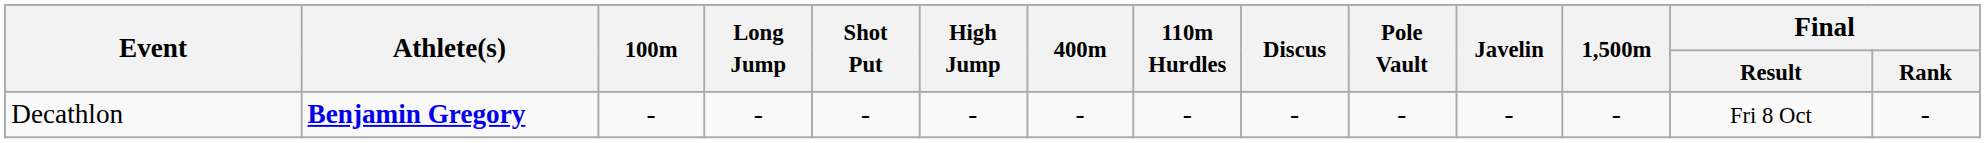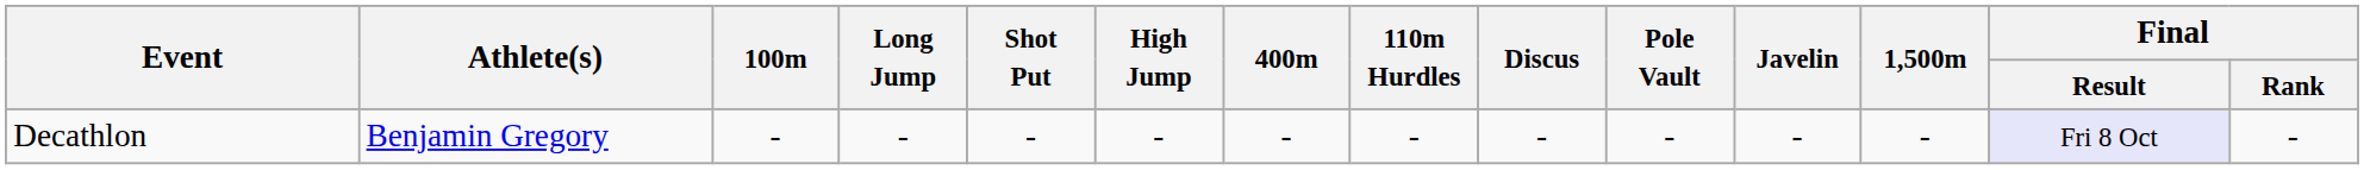 <table class=wikitable style="font-size:90%">
 <tr>
 <th rowspan="2" width=150>Event</th>
 <th rowspan="2" width=150>Athlete(s)</th>
 <th rowspan="2" width=50><small>100m</small></th>
 <th rowspan="2" width=50><small>Long<br>Jump</small></th>
 <th rowspan="2" width=50><small>Shot<br>Put</small></th>
 <th rowspan="2" width=50><small>High<br>Jump</small></th>
 <th rowspan="2" width=50><small>400m</small></th>
 <th rowspan="2" width=50><small>110m<br>Hurdles</small></th>
 <th rowspan="2" width=50><small>Discus</small></th>
 <th rowspan="2" width=50><small>Pole<br>Vault</small></th>
 <th rowspan="2" width=50><small>Javelin</small></th>
 <th rowspan="2" width=50><small>1,500m</small></th>
 <th colspan="2" width=150>Final</th>
 </tr>
 <tr>
 <th style="line-height:1em" width=100><small>Result</small></th>
 <th style="line-height:1em" width=50><small>Rank</small></th>
 </tr>
 <tr>
 <td>Decathlon</td>
-<td><strong><a href='#'>Benjamin Gregory</a></strong></td>
+<td><a href='#'>Benjamin Gregory</a></td>
 <td align="center">-</td>
 <td align="center">-</td>
 <td align="center">-</td>
 <td align="center">-</td>
 <td align="center">-</td>
 <td align="center">-</td>
 <td align="center">-</td>
 <td align="center">-</td>
 <td align="center">-</td>
 <td align="center">-</td>
-<td align="center"><small>Fri 8 Oct</small></td>
+<td align="center" style="background: lavender;"><small>Fri 8 Oct</small></td>
 <td align="center">-</td>
 </tr>
 </table>
